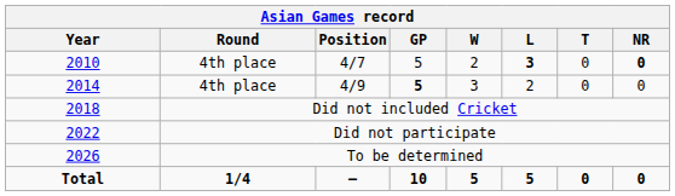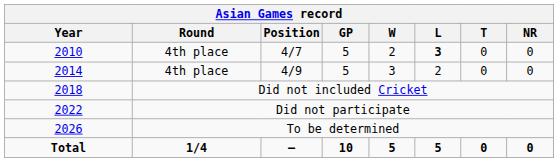 <table class="wikitable" style="text-align: center; width=900px;">
 <tr>
 <th colspan=9><a href='#'>Asian Games</a> record</th>
 </tr>
 <tr>
 <th width=150>Year</th>
 <th width=150>Round</th>
 <th width=50>Position</th>
 <th width=50>GP</th>
 <th width=50>W</th>
 <th width=50>L</th>
 <th width=50>T</th>
 <th width=50>NR</th>
 </tr>
 <tr style="background:">
 <td> <a href='#'>2010</a></td>
 <td>4th place</td>
 <td>4/7</td>
 <td>5</td>
 <td>2</td>
 <td><strong>3</strong></td>
 <td>0</td>
-<td><strong>0</strong></td>
+<td>0</td>
 </tr>
 <tr style="background:">
 <td> <a href='#'>2014</a></td>
 <td>4th place</td>
 <td>4/9</td>
-<td><strong>5</strong></td>
+<td>5</td>
 <td>3</td>
 <td>2</td>
 <td>0</td>
 <td>0</td>
 </tr>
 <tr style="background:">
 <td> <a href='#'>2018</a></td>
 <td rowspan=1 colspan=8>Did  not included <a href='#'>Cricket</a></td>
 </tr>
 <tr style="background:">
 <td> <a href='#'>2022</a></td>
 <td rowspan=1 colspan=8>Did not participate</td>
 </tr>
 <tr style="background:">
 <td> <a href='#'>2026</a></td>
 <td rowspan=1 colspan=8>To be determined</td>
 </tr>
 <tr>
 <td><strong>Total</strong></td>
 <td><strong>1/4</strong></td>
 <td><strong>–</strong></td>
 <td><strong>10</strong></td>
 <td><strong>5</strong></td>
 <td><strong>5</strong></td>
 <td><strong>0</strong></td>
 <td><strong>0</strong></td>
 </tr>
 </table>
